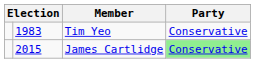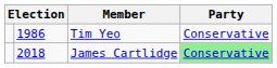 <table class="wikitable">
 <tr>
 <th colspan="2">Election</th>
 <th>Member</th>
 <th>Party</th>
 </tr>
 <tr>
 <td style="color:inherit;background-color: "></td>
-<td><a href='#'>1983</a></td>
+<td><a href='#'>1986</a></td>
 <td><a href='#'>Tim Yeo</a></td>
 <td><a href='#'>Conservative</a></td>
 </tr>
 <tr>
 <td style="color:inherit;background-color: "></td>
-<td><a href='#'>2015</a></td>
+<td><a href='#'>2018</a></td>
 <td><a href='#'>James Cartlidge</a></td>
 <td style="background: lightgreen;"><a href='#'>Conservative</a></td>
 </tr>
 </table>
